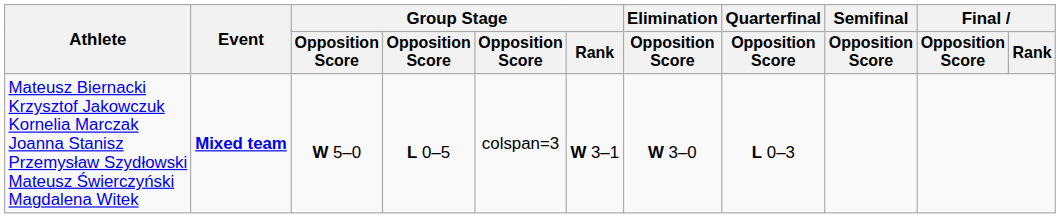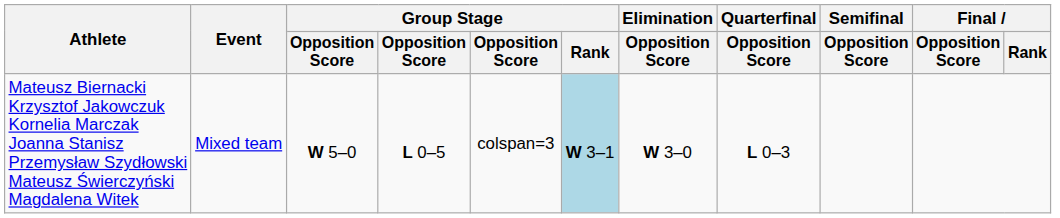 <table class="wikitable" style="font-size:90%">
 <tr>
 <th rowspan=2>Athlete</th>
 <th rowspan=2>Event</th>
 <th colspan=4>Group Stage</th>
 <th>Elimination</th>
 <th>Quarterfinal</th>
 <th>Semifinal</th>
 <th colspan=2>Final / </th>
 </tr>
 <tr style="font-size:95%">
 <th>Opposition<br>Score</th>
 <th>Opposition<br>Score</th>
 <th>Opposition<br>Score</th>
 <th>Rank</th>
 <th>Opposition<br>Score</th>
 <th>Opposition<br>Score</th>
 <th>Opposition<br>Score</th>
 <th>Opposition<br>Score</th>
 <th>Rank</th>
 </tr>
 <tr align=center>
 <td align=left><a href='#'>Mateusz Biernacki</a><br><a href='#'>Krzysztof Jakowczuk</a><br><a href='#'>Kornelia Marczak</a><br><a href='#'>Joanna Stanisz</a><br><a href='#'>Przemysław Szydłowski</a><br><a href='#'>Mateusz Świerczyński</a><br><a href='#'>Magdalena Witek</a></td>
-<td align=left><strong><a href='#'>Mixed team</a></strong></td>
+<td align=left><a href='#'>Mixed team</a></td>
 <td><br><strong>W</strong> 5–0</td>
 <td><br><strong>L</strong> 0–5</td>
 <td>colspan=3 </td>
-<td><br><strong>W</strong> 3–1</td>
+<td style="background: lightblue;"><br><strong>W</strong> 3–1</td>
 <td><br><strong>W</strong> 3–0</td>
 <td><br><strong>L</strong> 0–3</td>
 <td></td>
 </tr>
 </table>
